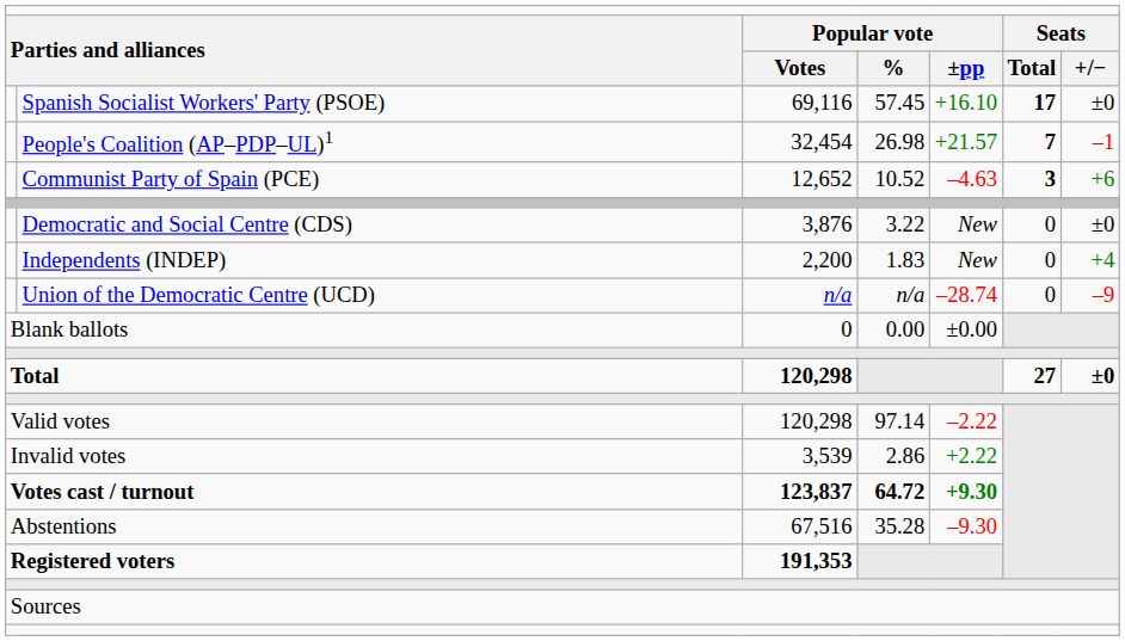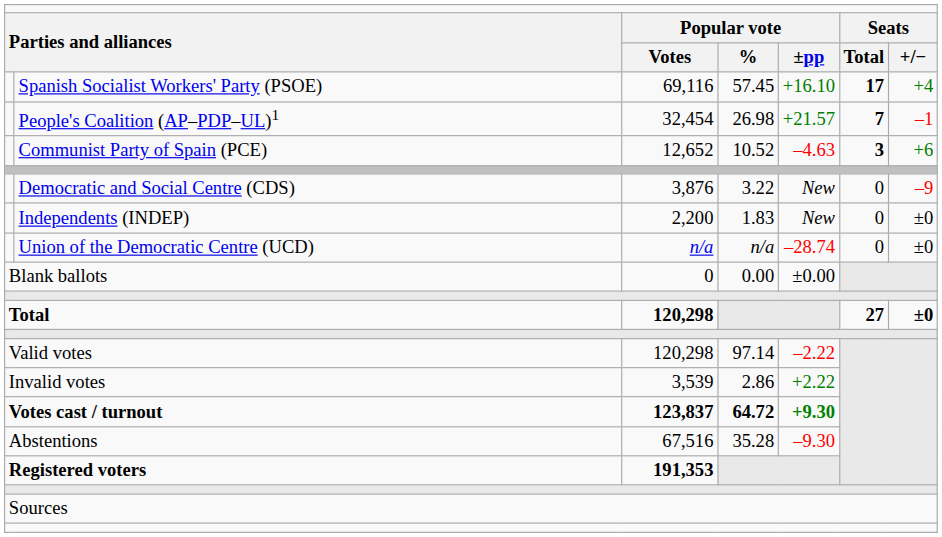 <table class="wikitable" style="text-align:right;">
 <tr>
 <td colspan="7"></td>
 </tr>
 <tr>
 <th style="text-align:left;" rowspan="2" colspan="2" width="525">Parties and alliances</th>
 <th colspan="3">Popular vote</th>
 <th colspan="2">Seats</th>
 </tr>
 <tr>
 <th width="75">Votes</th>
 <th width="45">%</th>
 <th width="45">±<a href='#'>pp</a></th>
 <th width="35">Total</th>
 <th width="35">+/−</th>
 </tr>
 <tr>
 <td width="1" style="color:inherit;background:"></td>
 <td align="left"><a href='#'>Spanish Socialist Workers' Party</a> (PSOE)</td>
 <td>69,116</td>
 <td>57.45</td>
 <td style="color:green;">+16.10</td>
 <td><strong>17</strong></td>
-<td>±0</td>
+<td style="color:green;">+4</td>
 </tr>
 <tr>
 <td style="color:inherit;background:"></td>
 <td align="left"><a href='#'>People's Coalition</a> (<a href='#'>AP</a>–<a href='#'>PDP</a>–<a href='#'>UL</a>)<sup>1</sup></td>
 <td>32,454</td>
 <td>26.98</td>
 <td style="color:green;">+21.57</td>
 <td><strong>7</strong></td>
 <td style="color:red;">–1</td>
 </tr>
 <tr>
 <td style="color:inherit;background:"></td>
 <td align="left"><a href='#'>Communist Party of Spain</a> (PCE)</td>
 <td>12,652</td>
 <td>10.52</td>
 <td style="color:red;">–4.63</td>
 <td><strong>3</strong></td>
 <td style="color:green;">+6</td>
 </tr>
 <tr>
 <td colspan="7" bgcolor="#C0C0C0"></td>
 </tr>
 <tr>
 <td style="color:inherit;background:"></td>
 <td align="left"><a href='#'>Democratic and Social Centre</a> (CDS)</td>
 <td>3,876</td>
 <td>3.22</td>
 <td><em>New</em></td>
 <td>0</td>
-<td>±0</td>
+<td style="color:red;">–9</td>
 </tr>
 <tr>
 <td style="color:inherit;background:"></td>
 <td align="left"><a href='#'>Independents</a> (INDEP)</td>
 <td>2,200</td>
 <td>1.83</td>
 <td><em>New</em></td>
 <td>0</td>
-<td style="color:green;">+4</td>
+<td>±0</td>
 </tr>
 <tr>
 <td style="color:inherit;background:"></td>
 <td align="left"><a href='#'>Union of the Democratic Centre</a> (UCD)</td>
 <td><em><a href='#'>n/a</a></em></td>
 <td><em>n/a</em></td>
 <td style="color:red;">–28.74</td>
 <td>0</td>
-<td style="color:red;">–9</td>
+<td>±0</td>
 </tr>
 <tr>
 <td align="left" colspan="2">Blank ballots</td>
 <td>0</td>
 <td>0.00</td>
 <td>±0.00</td>
 <td bgcolor="#E9E9E9" colspan="2"></td>
 </tr>
 <tr>
 <td colspan="7" bgcolor="#E9E9E9"></td>
 </tr>
 <tr style="font-weight:bold;">
 <td align="left" colspan="2">Total</td>
 <td>120,298</td>
 <td bgcolor="#E9E9E9" colspan="2"></td>
 <td>27</td>
 <td>±0</td>
 </tr>
 <tr>
 <td colspan="7" bgcolor="#E9E9E9"></td>
 </tr>
 <tr>
 <td align="left" colspan="2">Valid votes</td>
 <td>120,298</td>
 <td>97.14</td>
 <td style="color:red;">–2.22</td>
 <td bgcolor="#E9E9E9" colspan="2" rowspan="5"></td>
 </tr>
 <tr>
 <td align="left" colspan="2">Invalid votes</td>
 <td>3,539</td>
 <td>2.86</td>
 <td style="color:green;">+2.22</td>
 </tr>
 <tr style="font-weight:bold;">
 <td align="left" colspan="2">Votes cast / turnout</td>
 <td>123,837</td>
 <td>64.72</td>
 <td style="color:green;">+9.30</td>
 </tr>
 <tr>
 <td align="left" colspan="2">Abstentions</td>
 <td>67,516</td>
 <td>35.28</td>
 <td style="color:red;">–9.30</td>
 </tr>
 <tr style="font-weight:bold;">
 <td align="left" colspan="2">Registered voters</td>
 <td>191,353</td>
 <td bgcolor="#E9E9E9" colspan="2"></td>
 </tr>
 <tr>
 <td colspan="7" bgcolor="#E9E9E9"></td>
 </tr>
 <tr>
 <td align="left" colspan="7">Sources</td>
 </tr>
 <tr>
 <td colspan="7" style="text-align:left; max-width:790px;"></td>
 </tr>
 </table>
